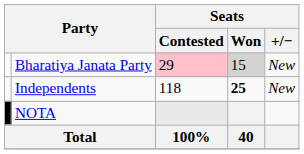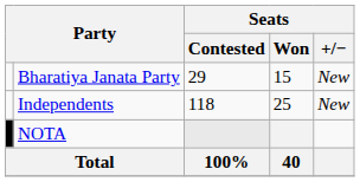 <table class="wikitable">
 <tr>
 <th colspan="4" rowspan="2">Party</th>
 <th colspan="3">Seats</th>
 </tr>
 <tr>
 <th>Contested</th>
 <th>Won</th>
 <th><strong>+/−</strong></th>
 </tr>
 <tr>
 <td></td>
 <td colspan="3"><a href='#'>Bharatiya Janata Party</a></td>
-<td style="background: pink;">29</td>
-<td style="background: lightgrey;">15</td>
+<td>29</td>
+<td>15</td>
 <td><em>New</em></td>
 </tr>
 <tr>
 <td></td>
 <td colspan="3"><a href='#'>Independents</a></td>
 <td>118</td>
-<td><strong>25</strong></td>
+<td>25</td>
 <td><em>New</em></td>
 </tr>
 <tr>
 <td style="background:Black; color:White"></td>
 <td colspan="3"><a href='#'>NOTA</a></td>
 <th style="background-color:#E9E9E9"></th>
 <th></th>
 <td></td>
 </tr>
 <tr>
 <th colspan="4">Total</th>
 <th>100%</th>
 <th>40</th>
 <th></th>
 </tr>
 <tr>
 </tr>
 </table>
